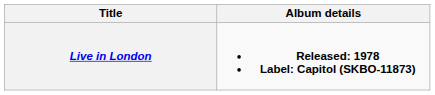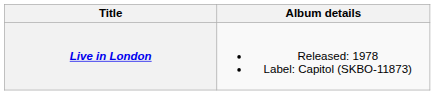 <table class="wikitable plainrowheaders" style="text-align:center;">
 <tr>
 <th style="width:18em;">Title</th>
 <th style="width:18em;">Album details</th>
 </tr>
 <tr>
 <th scope="row"><em><a href='#'>Live in London</a></em></th>
-<td><strong><br><ul><li>Released: 1978</li><li>Label: Capitol (SKBO-11873)</li></ul></strong></td>
+<td><br><ul><li>Released: 1978</li><li>Label: Capitol (SKBO-11873)</li></ul></td>
 </tr>
 </table>
